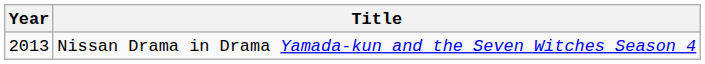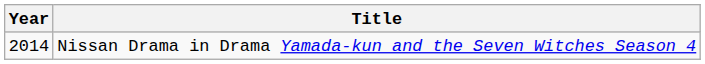 <table class="wikitable">
 <tr>
 <th>Year</th>
 <th>Title</th>
 </tr>
 <tr>
-<td>2013</td>
+<td>2014</td>
 <td>Nissan Drama in Drama <em><a href='#'>Yamada-kun and the Seven Witches Season 4</a></em></td>
 </tr>
 </table>
